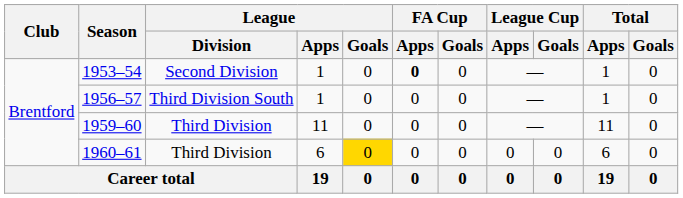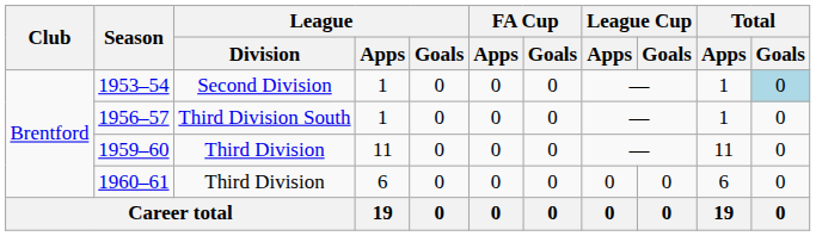 <table class="wikitable" style="text-align: center;">
 <tr>
 <th rowspan="2">Club</th>
 <th rowspan="2">Season</th>
 <th colspan="3">League</th>
 <th colspan="2">FA Cup</th>
 <th colspan="2">League Cup</th>
 <th colspan="2">Total</th>
 </tr>
 <tr>
 <th>Division</th>
 <th>Apps</th>
 <th>Goals</th>
 <th>Apps</th>
 <th>Goals</th>
 <th>Apps</th>
 <th>Goals</th>
 <th>Apps</th>
 <th>Goals</th>
 </tr>
 <tr>
 <td rowspan="4"><a href='#'>Brentford</a></td>
 <td><a href='#'>1953–54</a></td>
 <td><a href='#'>Second Division</a></td>
 <td>1</td>
 <td>0</td>
-<td><strong>0</strong></td>
+<td>0</td>
 <td>0</td>
 <td colspan="2">—</td>
 <td>1</td>
-<td>0</td>
+<td style="background: lightblue;">0</td>
 </tr>
 <tr>
 <td><a href='#'>1956–57</a></td>
 <td><a href='#'>Third Division South</a></td>
 <td>1</td>
 <td>0</td>
 <td>0</td>
 <td>0</td>
 <td colspan="2">—</td>
 <td>1</td>
 <td>0</td>
 </tr>
 <tr>
 <td><a href='#'>1959–60</a></td>
 <td><a href='#'>Third Division</a></td>
 <td>11</td>
 <td>0</td>
 <td>0</td>
 <td>0</td>
 <td colspan="2">—</td>
 <td>11</td>
 <td>0</td>
 </tr>
 <tr>
 <td><a href='#'>1960–61</a></td>
 <td>Third Division</td>
 <td>6</td>
-<td style="background: gold;">0</td>
+<td>0</td>
 <td>0</td>
 <td>0</td>
 <td>0</td>
 <td>0</td>
 <td>6</td>
 <td>0</td>
 </tr>
 <tr>
 <th colspan="3">Career total</th>
 <th>19</th>
 <th>0</th>
 <th>0</th>
 <th>0</th>
 <th>0</th>
 <th>0</th>
 <th>19</th>
 <th>0</th>
 </tr>
 </table>
